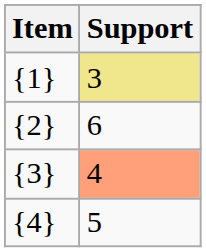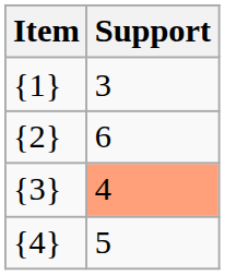 <table class="wikitable">
 <tr>
 <th>Item</th>
 <th>Support</th>
 </tr>
 <tr>
 <td>{1}</td>
-<td style="background: khaki;">3</td>
+<td>3</td>
 </tr>
 <tr>
 <td>{2}</td>
 <td>6</td>
 </tr>
 <tr>
 <td>{3}</td>
 <td style="background: lightsalmon;">4</td>
 </tr>
 <tr>
 <td>{4}</td>
 <td>5</td>
 </tr>
 </table>
